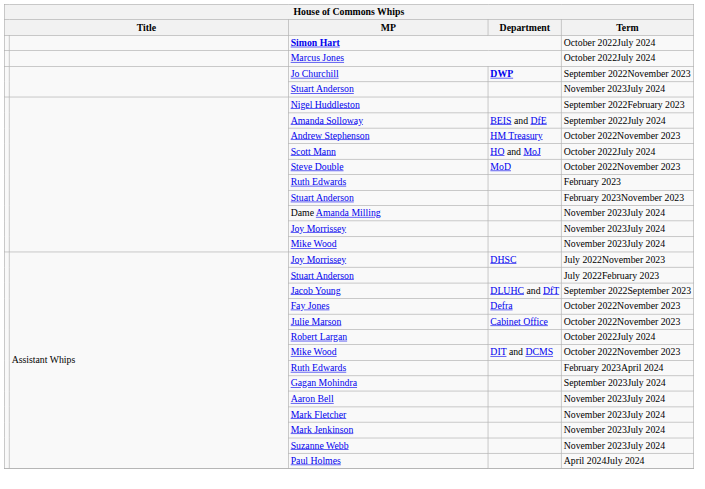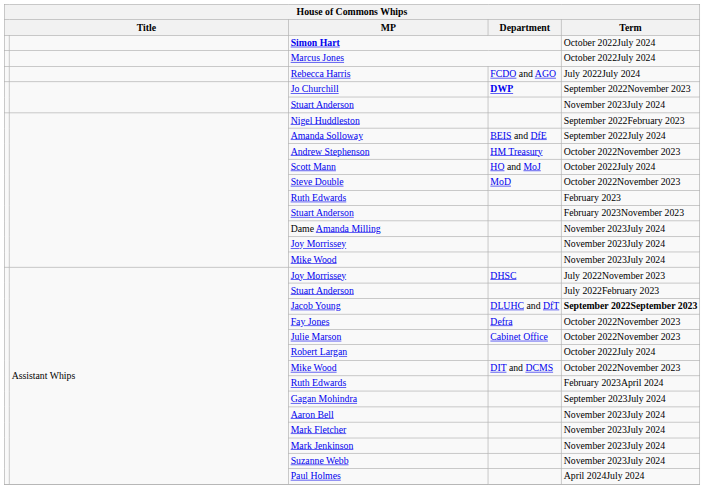 <table class="wikitable">
 <tr>
 <th colspan="5">House of Commons Whips</th>
 </tr>
 <tr>
 <th colspan="2">Title</th>
 <th>MP</th>
 <th>Department</th>
 <th>Term</th>
 </tr>
 <tr>
 <td rowspan="1" style="width: 1px; background: "></td>
 <td rowspan="1" style="width: 450px;"></td>
 <td colspan="2" style="width: 320px;"><strong><a href='#'>Simon Hart</a></strong></td>
 <td>October 2022July 2024</td>
 </tr>
 <tr>
 <td rowspan="1" style="width: 1px; background: "></td>
 <td rowspan="1"></td>
 <td colspan="2"><a href='#'>Marcus Jones</a></td>
 <td>October 2022July 2024</td>
+</tr>
+<tr>
+<td rowspan="1" style="width: 1px; background: "></td>
+<td rowspan="1"></td>
+<td style="width: 320px;"><a href='#'>Rebecca Harris</a></td>
+<td><a href='#'>FCDO</a> and <a href='#'>AGO</a></td>
+<td>July 2022July 2024</td>
 </tr>
 <tr>
 <td rowspan="2" style="width: 1px; background: "></td>
 <td rowspan="2"></td>
 <td style="width: 320px;"><a href='#'>Jo Churchill</a></td>
 <td><strong><a href='#'>DWP</a></strong></td>
 <td>September 2022November 2023</td>
 </tr>
 <tr>
 <td style="width: 320px;"><a href='#'>Stuart Anderson</a></td>
 <td></td>
 <td>November 2023July 2024</td>
 </tr>
 <tr>
 <td rowspan="10" style="width: 1px; background: "></td>
 <td rowspan="10"></td>
 <td style="width: 320px;"><a href='#'>Nigel Huddleston</a> </td>
 <td></td>
 <td>September 2022February 2023</td>
 </tr>
 <tr>
 <td><a href='#'>Amanda Solloway</a> </td>
 <td><a href='#'>BEIS</a> and <a href='#'>DfE</a></td>
 <td>September 2022July 2024</td>
 </tr>
 <tr>
 <td><a href='#'>Andrew Stephenson</a></td>
 <td><a href='#'>HM Treasury</a></td>
 <td>October 2022November 2023</td>
 </tr>
 <tr>
 <td><a href='#'>Scott Mann</a></td>
 <td><a href='#'>HO</a> and <a href='#'>MoJ</a></td>
 <td>October 2022July 2024</td>
 </tr>
 <tr>
 <td><a href='#'>Steve Double</a></td>
 <td><a href='#'>MoD</a></td>
 <td>October 2022November 2023</td>
 </tr>
 <tr>
 <td><a href='#'>Ruth Edwards</a></td>
 <td></td>
 <td>February 2023</td>
 </tr>
 <tr>
 <td><a href='#'>Stuart Anderson</a></td>
 <td></td>
 <td>February 2023November 2023</td>
 </tr>
 <tr>
 <td>Dame <a href='#'>Amanda Milling</a></td>
 <td></td>
 <td>November 2023July 2024</td>
 </tr>
 <tr>
 <td><a href='#'>Joy Morrissey</a></td>
 <td></td>
 <td>November 2023July 2024</td>
 </tr>
 <tr>
 <td><a href='#'>Mike Wood</a></td>
 <td></td>
 <td>November 2023July 2024</td>
 </tr>
 <tr>
 <td rowspan="14" style="width: 1px; background: "></td>
 <td rowspan="14">Assistant Whips</td>
 <td><a href='#'>Joy Morrissey</a></td>
 <td><a href='#'>DHSC</a></td>
 <td>July 2022November 2023</td>
 </tr>
 <tr>
 <td><a href='#'>Stuart Anderson</a></td>
 <td></td>
 <td>July 2022February 2023</td>
 </tr>
 <tr>
 <td><a href='#'>Jacob Young</a></td>
 <td><a href='#'>DLUHC</a> and <a href='#'>DfT</a></td>
-<td>September 2022September 2023</td>
+<td><strong>September 2022September 2023</strong></td>
 </tr>
 <tr>
 <td><a href='#'>Fay Jones</a></td>
 <td><a href='#'>Defra</a></td>
 <td>October 2022November 2023</td>
 </tr>
 <tr>
 <td><a href='#'>Julie Marson</a></td>
 <td><a href='#'>Cabinet Office</a></td>
 <td>October 2022November 2023</td>
 </tr>
 <tr>
 <td><a href='#'>Robert Largan</a></td>
 <td></td>
 <td>October 2022July 2024</td>
 </tr>
 <tr>
 <td><a href='#'>Mike Wood</a></td>
 <td><a href='#'>DIT</a> and <a href='#'>DCMS</a></td>
 <td>October 2022November 2023</td>
 </tr>
 <tr>
 <td><a href='#'>Ruth Edwards</a></td>
 <td></td>
 <td>February 2023April 2024</td>
 </tr>
 <tr>
 <td><a href='#'>Gagan Mohindra</a></td>
 <td></td>
 <td>September 2023July 2024</td>
 </tr>
 <tr>
 <td><a href='#'>Aaron Bell</a></td>
 <td></td>
 <td>November 2023July 2024</td>
 </tr>
 <tr>
 <td><a href='#'>Mark Fletcher</a></td>
 <td></td>
 <td>November 2023July 2024</td>
 </tr>
 <tr>
 <td><a href='#'>Mark Jenkinson</a></td>
 <td></td>
 <td>November 2023July 2024</td>
 </tr>
 <tr>
 <td><a href='#'>Suzanne Webb</a></td>
 <td></td>
 <td>November 2023July 2024</td>
 </tr>
 <tr>
 <td><a href='#'>Paul Holmes</a></td>
 <td></td>
 <td>April 2024July 2024</td>
 </tr>
 <tr>
 </tr>
 </table>
